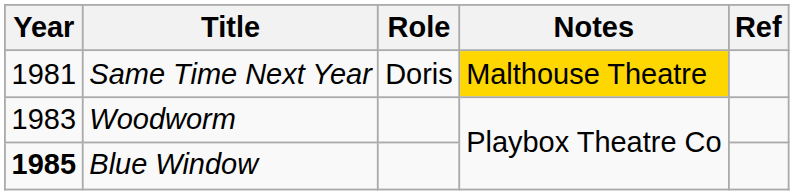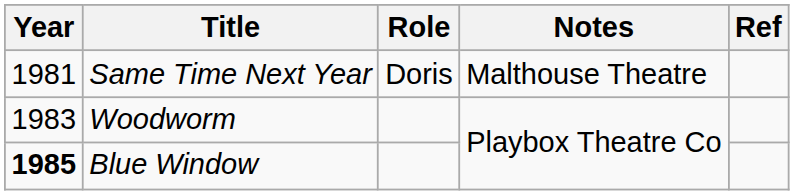 <table class="wikitable">
 <tr>
 <th>Year</th>
 <th>Title</th>
 <th>Role</th>
 <th>Notes</th>
 <th>Ref</th>
 </tr>
 <tr>
 <td>1981</td>
 <td><em>Same Time Next Year</em></td>
 <td>Doris</td>
-<td style="background: gold;">Malthouse Theatre</td>
+<td>Malthouse Theatre</td>
 <td></td>
 </tr>
 <tr>
 <td>1983</td>
 <td><em>Woodworm</em></td>
 <td></td>
 <td rowspan="2">Playbox Theatre Co</td>
 <td></td>
 </tr>
 <tr>
 <td><strong>1985</strong></td>
 <td><em>Blue Window</em></td>
 <td></td>
 <td></td>
 </tr>
 </table>
